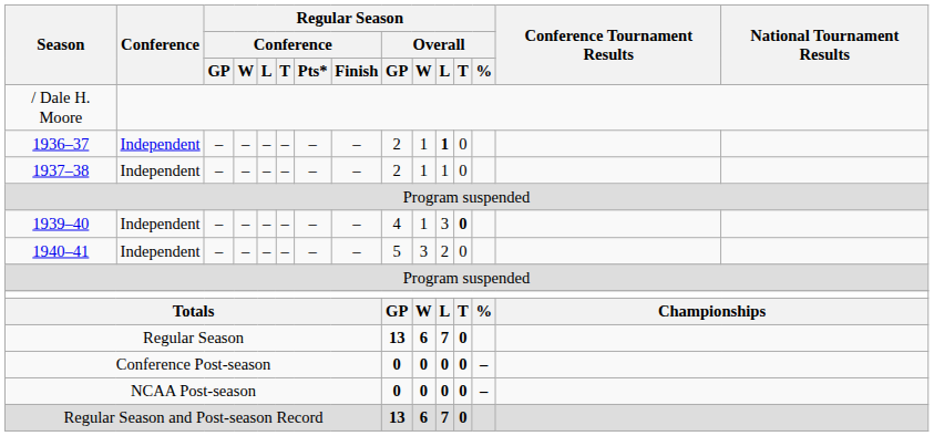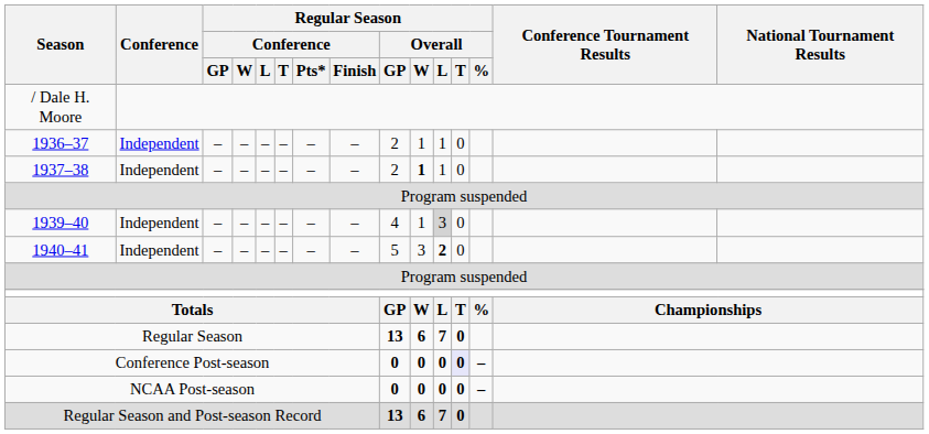 <table class="wikitable" style="text-align: center; font-size: 95%">
 <tr>
 <th rowspan="3">Season</th>
 <th rowspan="3">Conference</th>
 <th colspan="11">Regular Season</th>
 <th rowspan="3">Conference Tournament Results</th>
 <th rowspan="3">National Tournament Results</th>
 </tr>
 <tr>
 <th colspan="6">Conference</th>
 <th colspan="5">Overall</th>
 </tr>
 <tr>
 <th>GP</th>
 <th>W</th>
 <th>L</th>
 <th>T</th>
 <th>Pts*</th>
 <th>Finish</th>
 <th>GP</th>
 <th>W</th>
 <th>L</th>
 <th>T</th>
 <th>%</th>
 </tr>
 <tr>
 <td><a href='#'></a>  / Dale H. Moore </td>
 </tr>
 <tr>
 <td><a href='#'>1936–37</a></td>
 <td><a href='#'>Independent</a></td>
 <td>–</td>
 <td>–</td>
 <td>–</td>
 <td>–</td>
 <td>–</td>
 <td>–</td>
 <td>2</td>
 <td>1</td>
-<td><strong>1</strong></td>
+<td>1</td>
 <td>0</td>
 <td></td>
 <td align="left"></td>
 <td align="left"></td>
 </tr>
 <tr>
 <td><a href='#'>1937–38</a></td>
 <td>Independent</td>
 <td>–</td>
 <td>–</td>
 <td>–</td>
 <td>–</td>
 <td>–</td>
 <td>–</td>
 <td>2</td>
-<td>1</td>
+<td><strong>1</strong></td>
 <td>1</td>
 <td>0</td>
 <td></td>
 <td align="left"></td>
 <td align="left"></td>
 </tr>
 <tr>
 <td style="background:#dddddd;" colspan="15">Program suspended</td>
 </tr>
 <tr>
 <td><a href='#'>1939–40</a></td>
 <td>Independent</td>
 <td>–</td>
 <td>–</td>
 <td>–</td>
 <td>–</td>
 <td>–</td>
 <td>–</td>
 <td>4</td>
 <td>1</td>
-<td>3</td>
-<td><strong>0</strong></td>
+<td style="background: lightgrey;">3</td>
+<td>0</td>
 <td></td>
 <td align="left"></td>
 <td align="left"></td>
 </tr>
 <tr>
 <td><a href='#'>1940–41</a></td>
 <td>Independent</td>
 <td>–</td>
 <td>–</td>
 <td>–</td>
 <td>–</td>
 <td>–</td>
 <td>–</td>
 <td>5</td>
 <td>3</td>
-<td>2</td>
+<td><strong>2</strong></td>
 <td>0</td>
 <td></td>
 <td align="left"></td>
 <td align="left"></td>
 </tr>
 <tr>
 <td style="background:#dddddd;" colspan="15">Program suspended</td>
 </tr>
 <tr>
 </tr>
 <tr ->
 </tr>
 <tr>
 <td colspan="16" style="background:#fff;"></td>
 </tr>
 <tr>
 <th colspan="8">Totals</th>
 <th>GP</th>
 <th>W</th>
 <th>L</th>
 <th>T</th>
 <th>%</th>
 <th colspan="2">Championships</th>
 </tr>
 <tr>
 <td colspan="8">Regular Season</td>
 <td><strong>13</strong></td>
 <td><strong>6</strong></td>
 <td><strong>7</strong></td>
 <td><strong>0</strong></td>
 <td><strong></strong></td>
 <td colspan="2" align="left"></td>
 </tr>
 <tr>
 <td colspan="8">Conference Post-season</td>
 <td><strong>0</strong></td>
 <td><strong>0</strong></td>
 <td><strong>0</strong></td>
-<td><strong>0</strong></td>
+<td style="background: lavender;"><strong>0</strong></td>
 <td><strong>–</strong></td>
 <td colspan="2" align="left"></td>
 </tr>
 <tr>
 <td colspan="8">NCAA Post-season</td>
 <td><strong>0</strong></td>
 <td><strong>0</strong></td>
 <td><strong>0</strong></td>
 <td><strong>0</strong></td>
 <td><strong>–</strong></td>
 <td colspan="2" align="left"></td>
 </tr>
 <tr bgcolor=dddddd>
 <td colspan="8">Regular Season and Post-season Record</td>
 <td><strong>13</strong></td>
 <td><strong>6</strong></td>
 <td><strong>7</strong></td>
 <td><strong>0</strong></td>
 <td><strong></strong></td>
 <td colspan="2" align="left"></td>
 </tr>
 </table>
